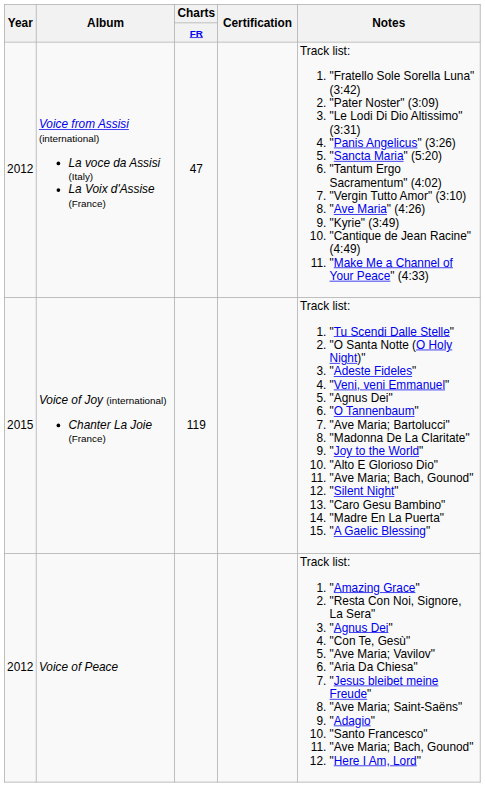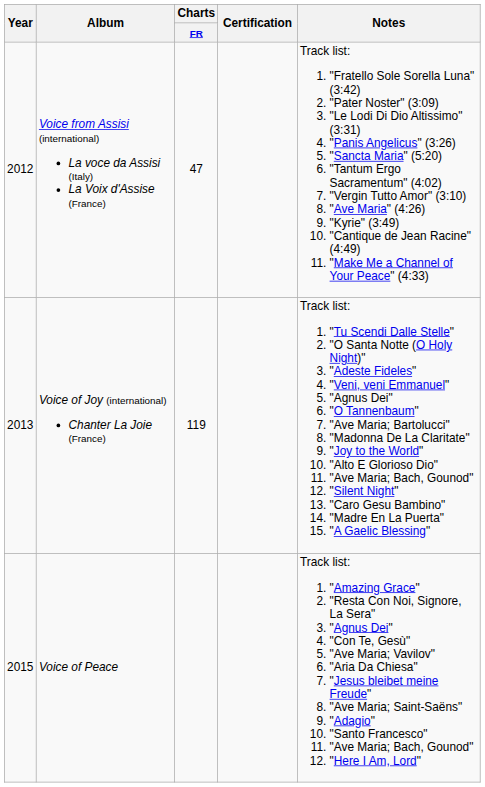 <table class="wikitable">
 <tr>
 <th align="center" rowspan="2">Year</th>
 <th align="center" rowspan="2" width="180">Album</th>
 <th align="center" colspan="1">Charts</th>
 <th align="center" rowspan="2" width="100">Certification</th>
 <th align="center" rowspan="2" width="240">Notes</th>
 </tr>
 <tr>
 <th width="20"><small><a href='#'>FR</a><br></small></th>
 </tr>
 <tr>
 <td align="center">2012</td>
 <td><em><a href='#'>Voice from Assisi</a></em> <small>(international)</small><br><ul><li><em>La voce da Assisi</em> <small>(Italy)</small></li><li><em>La Voix d'Assise</em> <small>(France)</small></li></ul></td>
 <td align="center">47</td>
 <td align="center"></td>
 <td align="left">Track list:<br><ol><li>"Fratello Sole Sorella Luna" (3:42)</li><li>"Pater Noster" (3:09)</li><li>"Le Lodi Di Dio Altissimo" (3:31)</li><li>"<a href='#'>Panis Angelicus</a>" (3:26)</li><li>"<a href='#'>Sancta Maria</a>" (5:20)</li><li>"Tantum Ergo Sacramentum" (4:02)</li><li>"Vergin Tutto Amor" (3:10)</li><li>"<a href='#'>Ave Maria</a>" (4:26)</li><li>"Kyrie" (3:49)</li><li>"Cantique de Jean Racine" (4:49)</li><li>"<a href='#'>Make Me a Channel of Your Peace</a>" (4:33)</li></ol></td>
 </tr>
 <tr>
-<td align="center">2015</td>
+<td align="center">2013</td>
 <td><em>Voice of Joy</em> <small>(international)</small><br><ul><li><em>Chanter La Joie</em> <small>(France)</small></li></ul></td>
 <td align="center">119</td>
 <td align="center"></td>
 <td align="left">Track list:<br><ol><li>"<a href='#'>Tu Scendi Dalle Stelle</a>"</li><li>"O Santa Notte (<a href='#'>O Holy Night</a>)"</li><li>"<a href='#'>Adeste Fideles</a>"</li><li>"<a href='#'>Veni, veni Emmanuel</a>"</li><li>"Agnus Dei"</li><li>"<a href='#'>O Tannenbaum</a>"</li><li>"Ave Maria; Bartolucci"</li><li>"Madonna De La Claritate"</li><li>"<a href='#'>Joy to the World</a>"</li><li>"Alto E Glorioso Dio"</li><li>"Ave Maria; Bach, Gounod"</li><li>"<a href='#'>Silent Night</a>"</li><li>"Caro Gesu Bambino"</li><li>"Madre En La Puerta"</li><li>"<a href='#'>A Gaelic Blessing</a>"</li></ol></td>
 </tr>
 <tr>
-<td align="center">2012</td>
+<td align="center">2015</td>
 <td><em>Voice of Peace</em></td>
 <td align="center"></td>
 <td align="center"></td>
 <td align="left">Track list:<br><ol><li>"<a href='#'>Amazing Grace</a>"</li><li>"Resta Con Noi, Signore, La Sera"</li><li>"<a href='#'>Agnus Dei</a>"</li><li>"Con Te, Gesù"</li><li>"Ave Maria; Vavilov"</li><li>"Aria Da Chiesa"</li><li>"<a href='#'>Jesus bleibet meine Freude</a>"</li><li>"Ave Maria; Saint-Saëns"</li><li>"<a href='#'>Adagio</a>"</li><li>"Santo Francesco"</li><li>"Ave Maria; Bach, Gounod"</li><li>"<a href='#'>Here I Am, Lord</a>"</li></ol></td>
 </tr>
 </table>
